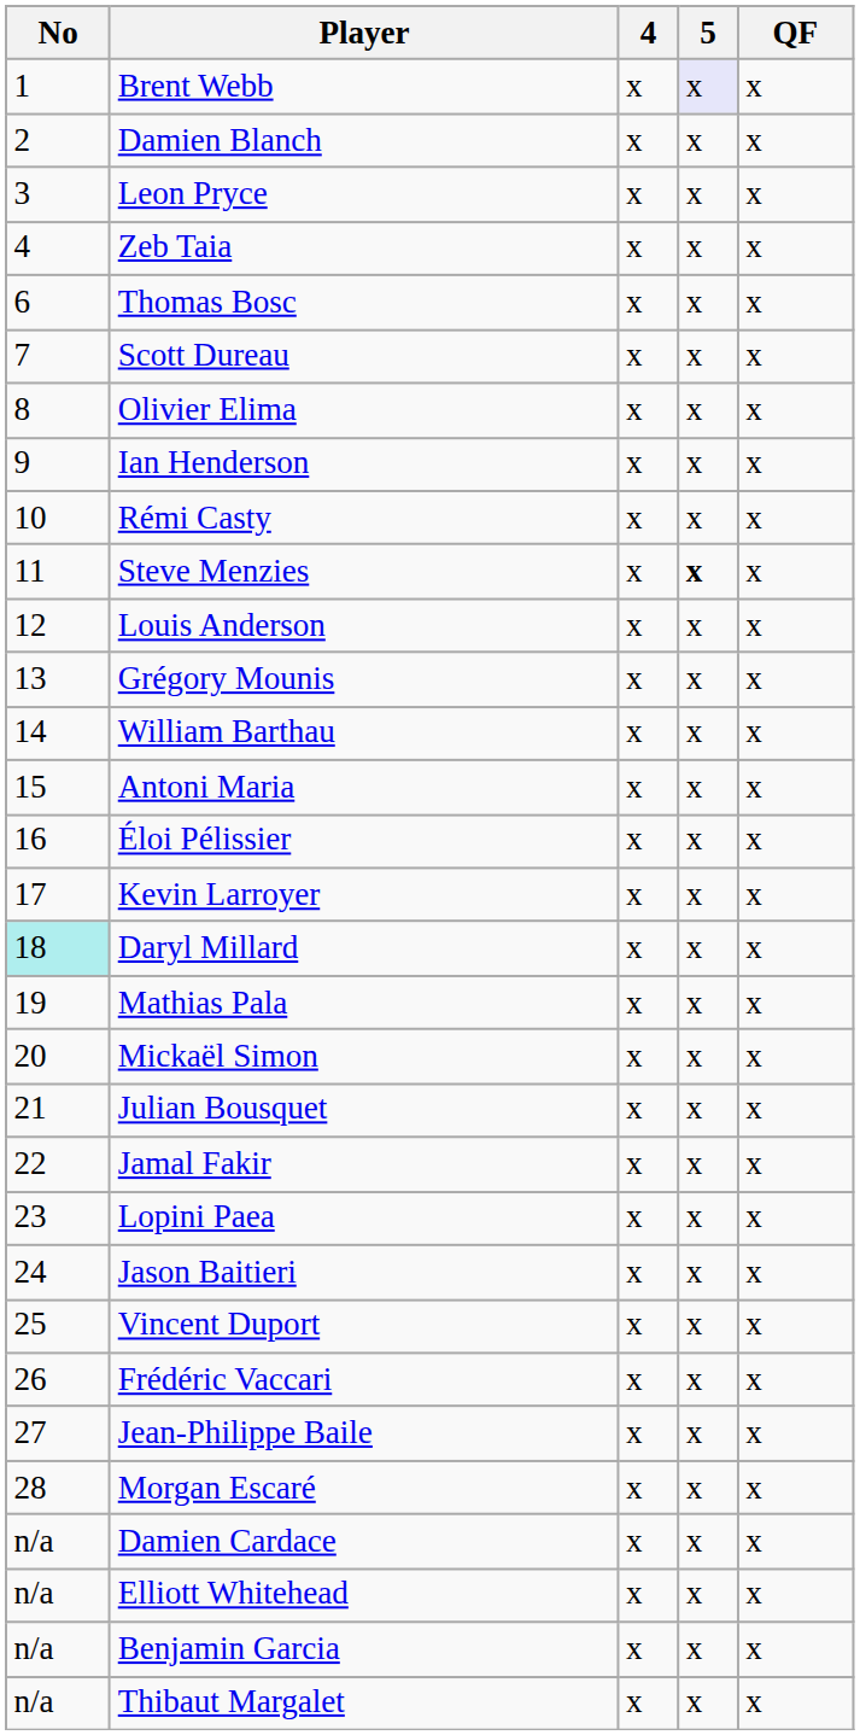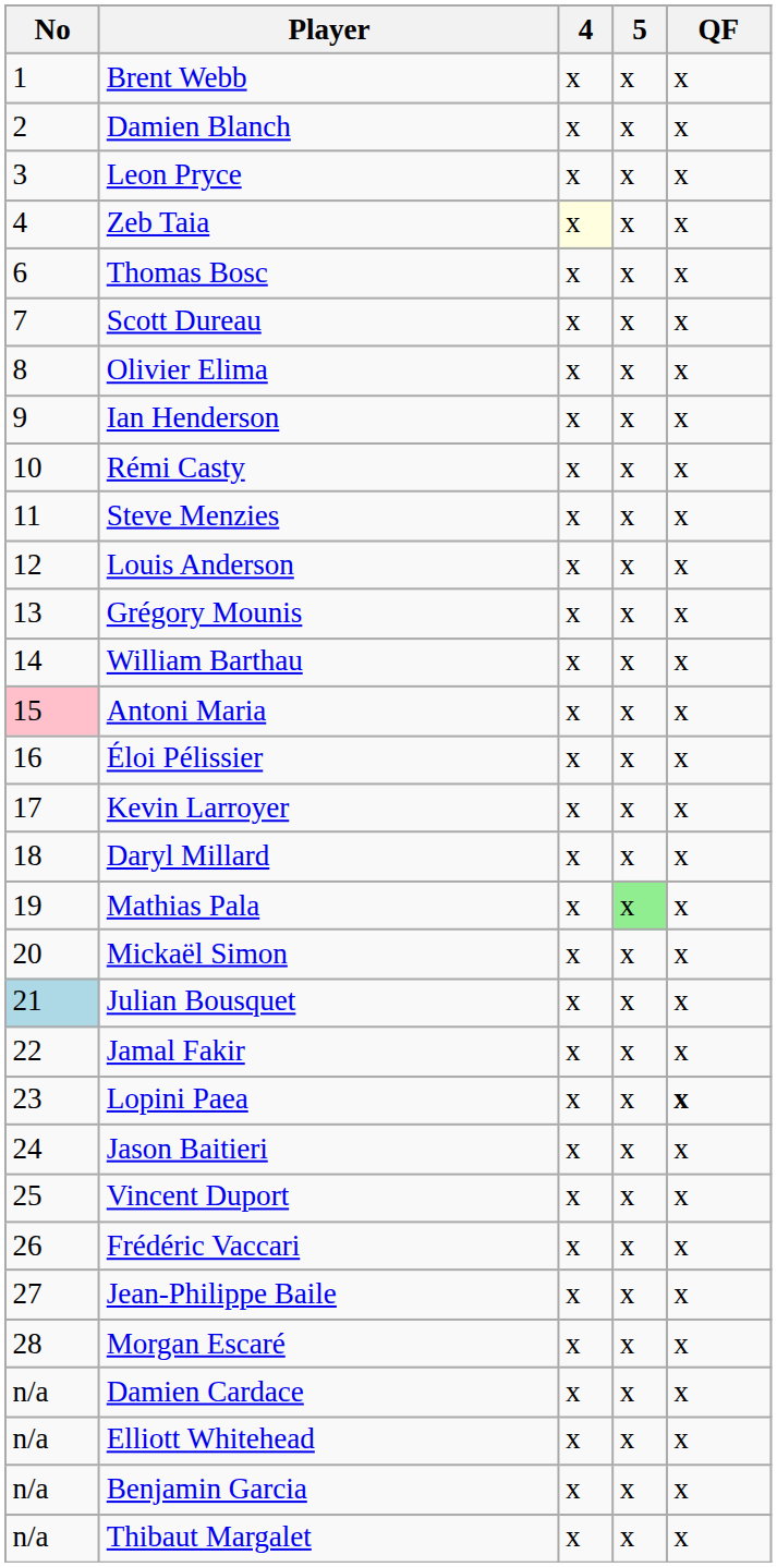 <table class="wikitable"  style="font-size:85%; width:40%;">
 <tr>
 <th>No</th>
 <th>Player</th>
 <th>4</th>
 <th>5</th>
 <th>QF</th>
 </tr>
 <tr>
 <td>1</td>
 <td><a href='#'>Brent Webb</a></td>
 <td>x</td>
-<td style="background: lavender;">x</td>
+<td>x</td>
 <td>x</td>
 </tr>
 <tr>
 <td>2</td>
 <td><a href='#'>Damien Blanch</a></td>
 <td>x</td>
 <td>x</td>
 <td>x</td>
 </tr>
 <tr>
 <td>3</td>
 <td><a href='#'>Leon Pryce</a></td>
 <td>x</td>
 <td>x</td>
 <td>x</td>
 </tr>
 <tr>
 <td>4</td>
 <td><a href='#'>Zeb Taia</a></td>
-<td>x</td>
+<td style="background: lightyellow;">x</td>
 <td>x</td>
 <td>x</td>
 </tr>
 <tr>
 <td>6</td>
 <td><a href='#'>Thomas Bosc</a></td>
 <td>x</td>
 <td>x</td>
 <td>x</td>
 </tr>
 <tr>
 <td>7</td>
 <td><a href='#'>Scott Dureau</a></td>
 <td>x</td>
 <td>x</td>
 <td>x</td>
 </tr>
 <tr>
 <td>8</td>
 <td><a href='#'>Olivier Elima</a></td>
 <td>x</td>
 <td>x</td>
 <td>x</td>
 </tr>
 <tr>
 <td>9</td>
 <td><a href='#'>Ian Henderson</a></td>
 <td>x</td>
 <td>x</td>
 <td>x</td>
 </tr>
 <tr>
 <td>10</td>
 <td><a href='#'>Rémi Casty</a></td>
 <td>x</td>
 <td>x</td>
 <td>x</td>
 </tr>
 <tr>
 <td>11</td>
 <td><a href='#'>Steve Menzies</a></td>
 <td>x</td>
-<td><strong>x</strong></td>
+<td>x</td>
 <td>x</td>
 </tr>
 <tr>
 <td>12</td>
 <td><a href='#'>Louis Anderson</a></td>
 <td>x</td>
 <td>x</td>
 <td>x</td>
 </tr>
 <tr>
 <td>13</td>
 <td><a href='#'>Grégory Mounis</a></td>
 <td>x</td>
 <td>x</td>
 <td>x</td>
 </tr>
 <tr>
 <td>14</td>
 <td><a href='#'>William Barthau</a></td>
 <td>x</td>
 <td>x</td>
 <td>x</td>
 </tr>
 <tr>
-<td>15</td>
+<td style="background: pink;">15</td>
 <td><a href='#'>Antoni Maria</a></td>
 <td>x</td>
 <td>x</td>
 <td>x</td>
 </tr>
 <tr>
 <td>16</td>
 <td><a href='#'>Éloi Pélissier</a></td>
 <td>x</td>
 <td>x</td>
 <td>x</td>
 </tr>
 <tr>
 <td>17</td>
 <td><a href='#'>Kevin Larroyer</a></td>
 <td>x</td>
 <td>x</td>
 <td>x</td>
 </tr>
 <tr>
-<td style="background: paleturquoise;">18</td>
+<td>18</td>
 <td><a href='#'>Daryl Millard</a></td>
 <td>x</td>
 <td>x</td>
 <td>x</td>
 </tr>
 <tr>
 <td>19</td>
 <td><a href='#'>Mathias Pala</a></td>
 <td>x</td>
-<td>x</td>
+<td style="background: lightgreen;">x</td>
 <td>x</td>
 </tr>
 <tr>
 <td>20</td>
 <td><a href='#'>Mickaël Simon</a></td>
 <td>x</td>
 <td>x</td>
 <td>x</td>
 </tr>
 <tr>
-<td>21</td>
+<td style="background: lightblue;">21</td>
 <td><a href='#'>Julian Bousquet</a></td>
 <td>x</td>
 <td>x</td>
 <td>x</td>
 </tr>
 <tr>
 <td>22</td>
 <td><a href='#'>Jamal Fakir</a></td>
 <td>x</td>
 <td>x</td>
 <td>x</td>
 </tr>
 <tr>
 <td>23</td>
 <td><a href='#'>Lopini Paea</a></td>
 <td>x</td>
 <td>x</td>
-<td>x</td>
+<td><strong>x</strong></td>
 </tr>
 <tr>
 <td>24</td>
 <td><a href='#'>Jason Baitieri</a></td>
 <td>x</td>
 <td>x</td>
 <td>x</td>
 </tr>
 <tr>
 <td>25</td>
 <td><a href='#'>Vincent Duport</a></td>
 <td>x</td>
 <td>x</td>
 <td>x</td>
 </tr>
 <tr>
 <td>26</td>
 <td><a href='#'>Frédéric Vaccari</a></td>
 <td>x</td>
 <td>x</td>
 <td>x</td>
 </tr>
 <tr>
 <td>27</td>
 <td><a href='#'>Jean-Philippe Baile</a></td>
 <td>x</td>
 <td>x</td>
 <td>x</td>
 </tr>
 <tr>
 <td>28</td>
 <td><a href='#'>Morgan Escaré</a></td>
 <td>x</td>
 <td>x</td>
 <td>x</td>
 </tr>
 <tr>
 <td>n/a</td>
 <td><a href='#'>Damien Cardace</a></td>
 <td>x</td>
 <td>x</td>
 <td>x</td>
 </tr>
 <tr>
 <td>n/a</td>
 <td><a href='#'>Elliott Whitehead</a></td>
 <td>x</td>
 <td>x</td>
 <td>x</td>
 </tr>
 <tr>
 <td>n/a</td>
 <td><a href='#'>Benjamin Garcia</a></td>
 <td>x</td>
 <td>x</td>
 <td>x</td>
 </tr>
 <tr>
 <td>n/a</td>
 <td><a href='#'>Thibaut Margalet</a></td>
 <td>x</td>
 <td>x</td>
 <td>x</td>
 </tr>
 <tr>
 </tr>
 </table>
